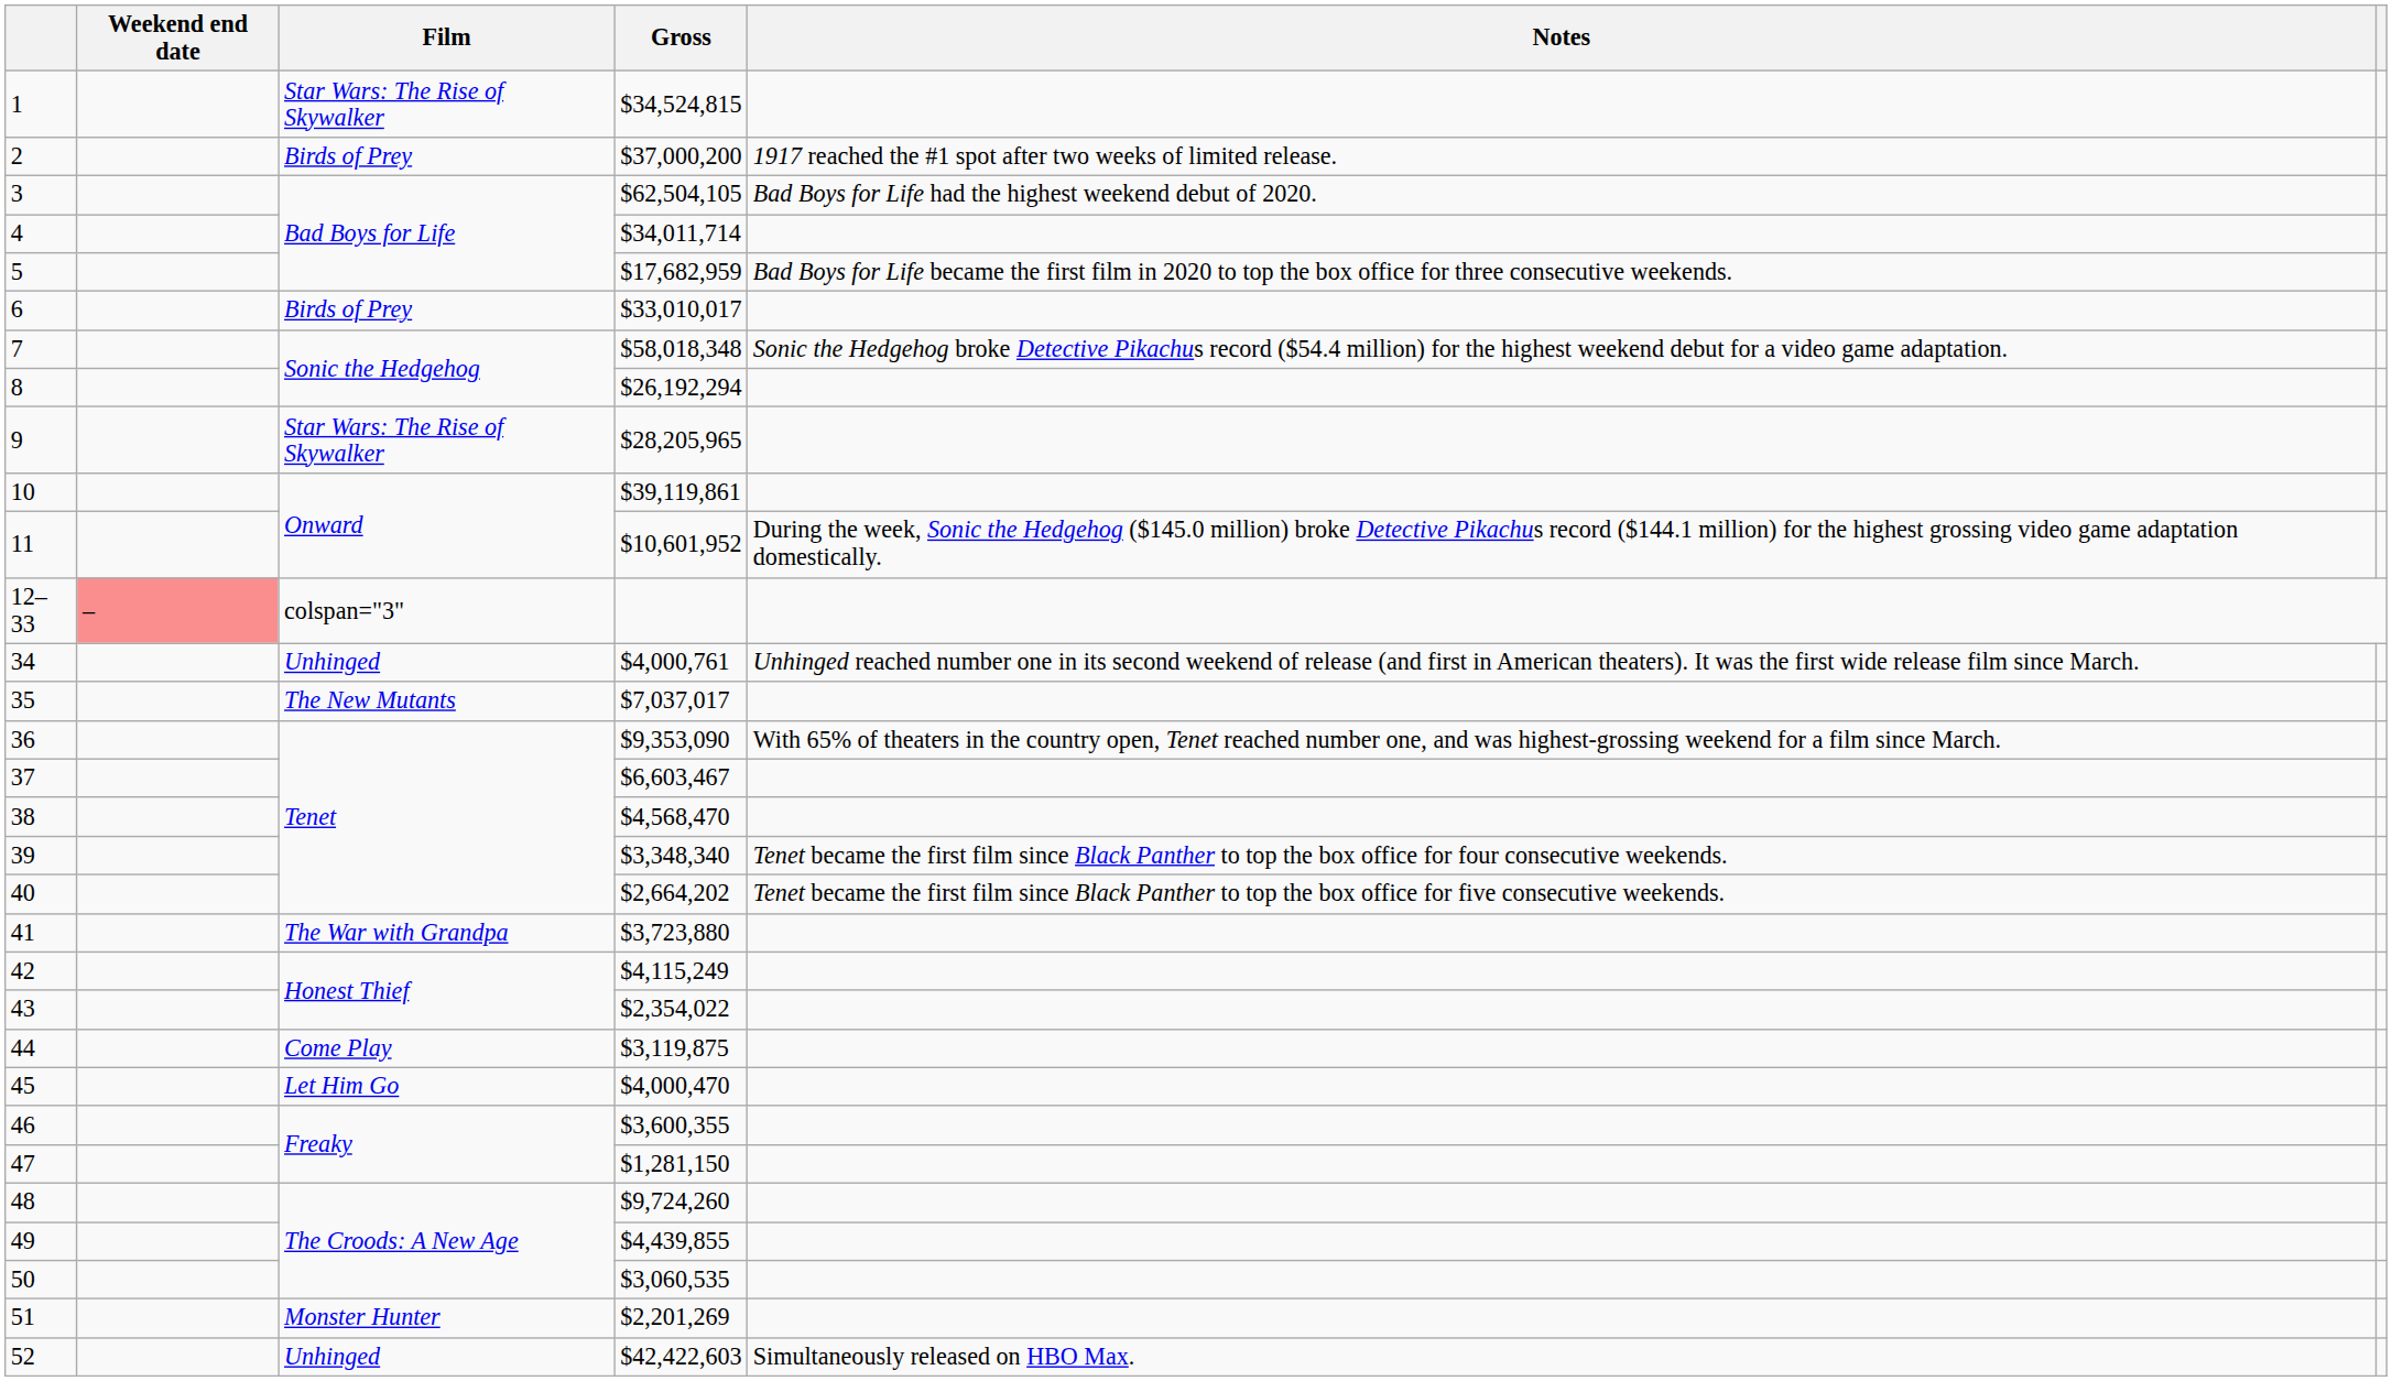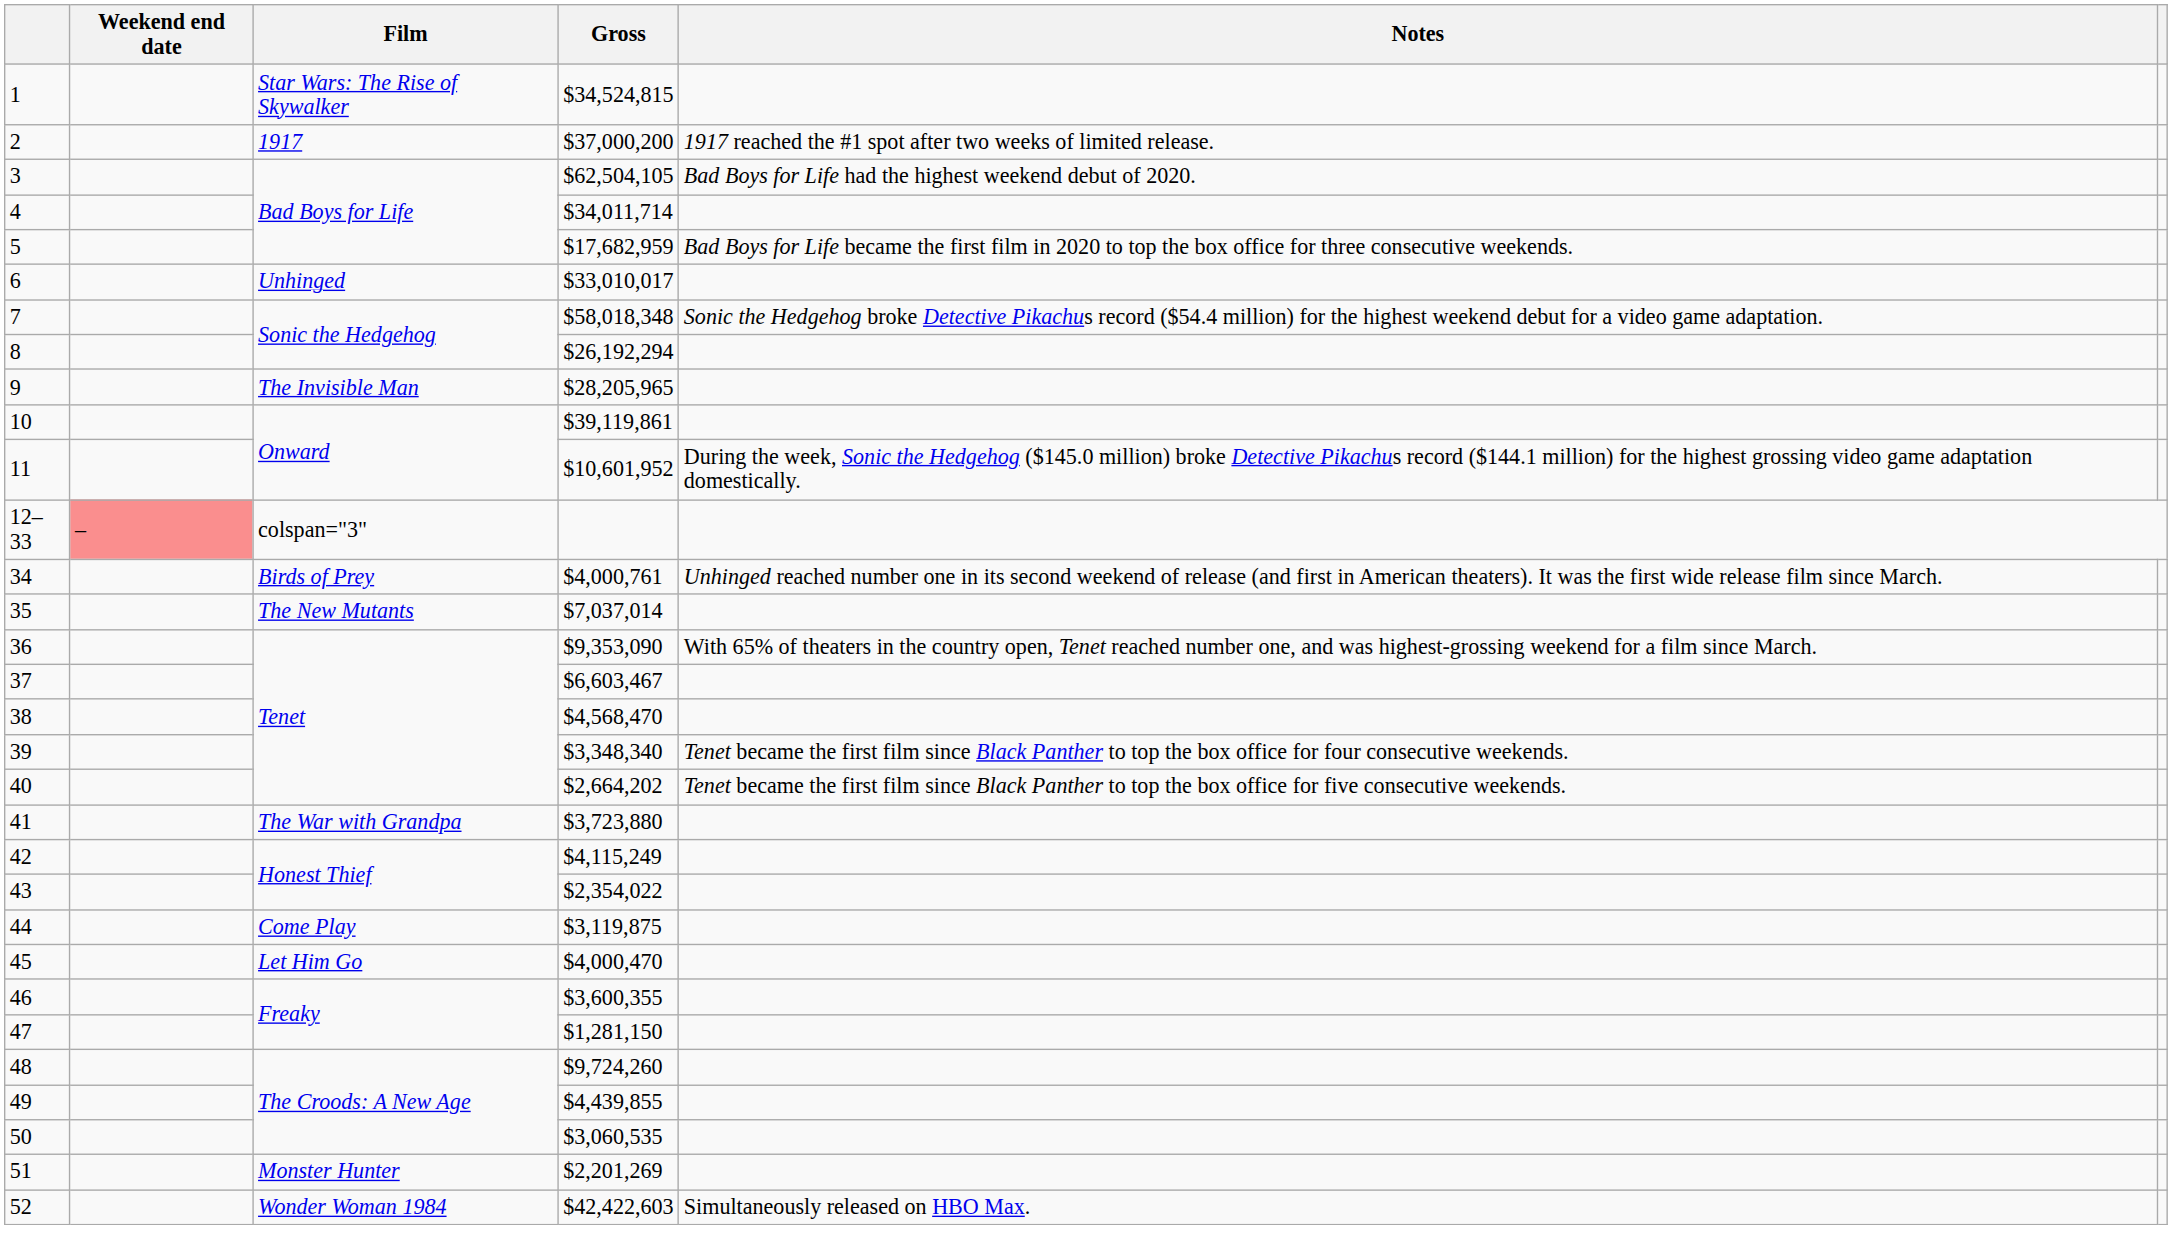 <table class="wikitable sortable">
 <tr>
 <th></th>
 <th>Weekend end date</th>
 <th>Film</th>
 <th>Gross</th>
 <th>Notes</th>
 <th class="unsortable"></th>
 </tr>
 <tr>
 <td>1</td>
 <td></td>
 <td><em><a href='#'>Star Wars: The Rise of Skywalker</a></em></td>
 <td>$34,524,815</td>
 <td></td>
 <td></td>
 </tr>
 <tr>
 <td>2</td>
 <td></td>
-<td><em><a href='#'>Birds of Prey</a></em></td>
+<td><em><a href='#'>1917</a></em></td>
 <td>$37,000,200</td>
 <td><em>1917</em> reached the #1 spot after two weeks of limited release.</td>
 <td></td>
 </tr>
 <tr>
 <td>3</td>
 <td></td>
 <td rowspan="3"><em><a href='#'>Bad Boys for Life</a></em></td>
 <td>$62,504,105</td>
 <td><em>Bad Boys for Life</em> had the highest weekend debut of 2020.</td>
 <td></td>
 </tr>
 <tr>
 <td>4</td>
 <td></td>
 <td>$34,011,714</td>
 <td></td>
 <td></td>
 </tr>
 <tr>
 <td>5</td>
 <td></td>
 <td>$17,682,959</td>
 <td><em>Bad Boys for Life</em> became the first film in 2020 to top the box office for three consecutive weekends.</td>
 <td></td>
 </tr>
 <tr>
 <td>6</td>
 <td></td>
-<td><em><a href='#'>Birds of Prey</a></em></td>
+<td><em><a href='#'>Unhinged</a></em></td>
 <td>$33,010,017</td>
 <td></td>
 <td></td>
 </tr>
 <tr>
 <td>7</td>
 <td></td>
 <td rowspan="2"><em><a href='#'>Sonic the Hedgehog</a></em></td>
 <td>$58,018,348</td>
 <td><em>Sonic the Hedgehog</em> broke <em><a href='#'>Detective Pikachu</a></em>s record ($54.4 million) for the highest weekend debut for a video game adaptation.</td>
 <td></td>
 </tr>
 <tr>
 <td>8</td>
 <td></td>
 <td>$26,192,294</td>
 <td></td>
 <td></td>
 </tr>
 <tr>
 <td>9</td>
 <td></td>
-<td><em><a href='#'>Star Wars: The Rise of Skywalker</a></em></td>
+<td><em><a href='#'>The Invisible Man</a></em></td>
 <td>$28,205,965</td>
 <td></td>
 <td></td>
 </tr>
 <tr>
 <td>10</td>
 <td></td>
 <td rowspan="2"><em><a href='#'>Onward</a></em></td>
 <td>$39,119,861</td>
 <td></td>
 <td></td>
 </tr>
 <tr>
 <td>11</td>
 <td></td>
 <td>$10,601,952</td>
 <td>During the week, <em><a href='#'>Sonic the Hedgehog</a></em> ($145.0 million) broke <em><a href='#'>Detective Pikachu</a></em>s record ($144.1 million) for the highest grossing video game adaptation domestically.</td>
 <td></td>
 </tr>
 <tr>
 <td>12–33</td>
 <td style="background: #fa8e8e;">–</td>
 <td>colspan="3" </td>
 <td></td>
 </tr>
 <tr>
 <td>34</td>
 <td></td>
-<td><em><a href='#'>Unhinged</a></em></td>
+<td><em><a href='#'>Birds of Prey</a></em></td>
 <td>$4,000,761</td>
 <td><em>Unhinged</em> reached number one in its second weekend of release (and first in American theaters). It was the first wide release film since March.</td>
 <td></td>
 </tr>
 <tr>
 <td>35</td>
 <td></td>
 <td><em><a href='#'>The New Mutants</a></em></td>
-<td>$7,037,017</td>
+<td>$7,037,014</td>
 <td></td>
 <td></td>
 </tr>
 <tr>
 <td>36</td>
 <td></td>
 <td rowspan="5"><em><a href='#'>Tenet</a></em></td>
 <td>$9,353,090</td>
 <td>With 65% of theaters in the country open, <em>Tenet</em> reached number one, and was highest-grossing weekend for a film since March.</td>
 <td></td>
 </tr>
 <tr>
 <td>37</td>
 <td></td>
 <td>$6,603,467</td>
 <td></td>
 <td></td>
 </tr>
 <tr>
 <td>38</td>
 <td></td>
 <td>$4,568,470</td>
 <td></td>
 <td></td>
 </tr>
 <tr>
 <td>39</td>
 <td></td>
 <td>$3,348,340</td>
 <td><em>Tenet</em> became the first film since <em><a href='#'>Black Panther</a></em> to top the box office for four consecutive weekends.</td>
 <td></td>
 </tr>
 <tr>
 <td>40</td>
 <td></td>
 <td>$2,664,202</td>
 <td><em>Tenet</em> became the first film since <em>Black Panther</em> to top the box office for five consecutive weekends.</td>
 <td></td>
 </tr>
 <tr>
 <td>41</td>
 <td></td>
 <td><em><a href='#'>The War with Grandpa</a></em></td>
 <td>$3,723,880</td>
 <td></td>
 <td></td>
 </tr>
 <tr>
 <td>42</td>
 <td></td>
 <td rowspan="2"><em><a href='#'>Honest Thief</a></em></td>
 <td>$4,115,249</td>
 <td></td>
 <td></td>
 </tr>
 <tr>
 <td>43</td>
 <td></td>
 <td>$2,354,022</td>
 <td></td>
 <td></td>
 </tr>
 <tr>
 <td>44</td>
 <td></td>
 <td><em><a href='#'>Come Play</a></em></td>
 <td>$3,119,875</td>
 <td></td>
 <td></td>
 </tr>
 <tr>
 <td>45</td>
 <td></td>
 <td><em><a href='#'>Let Him Go</a></em></td>
 <td>$4,000,470</td>
 <td></td>
 <td></td>
 </tr>
 <tr>
 <td>46</td>
 <td></td>
 <td rowspan="2"><em><a href='#'>Freaky</a></em></td>
 <td>$3,600,355</td>
 <td></td>
 <td></td>
 </tr>
 <tr>
 <td>47</td>
 <td></td>
 <td>$1,281,150</td>
 <td></td>
 <td></td>
 </tr>
 <tr>
 <td>48</td>
 <td></td>
 <td rowspan="3"><em><a href='#'>The Croods: A New Age</a></em></td>
 <td>$9,724,260</td>
 <td></td>
 <td></td>
 </tr>
 <tr>
 <td>49</td>
 <td></td>
 <td>$4,439,855</td>
 <td></td>
 <td></td>
 </tr>
 <tr>
 <td>50</td>
 <td></td>
 <td>$3,060,535</td>
 <td></td>
 <td></td>
 </tr>
 <tr>
 <td>51</td>
 <td></td>
 <td><em><a href='#'>Monster Hunter</a></em></td>
 <td>$2,201,269</td>
 <td></td>
 <td></td>
 </tr>
 <tr>
 <td>52</td>
 <td></td>
-<td><em><a href='#'>Unhinged</a></em></td>
+<td><em><a href='#'>Wonder Woman 1984</a></em></td>
 <td>$42,422,603</td>
 <td>Simultaneously released on <a href='#'>HBO Max</a>.</td>
 <td></td>
 </tr>
 </table>
